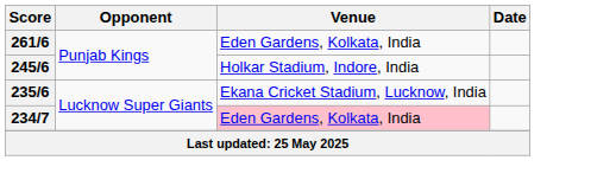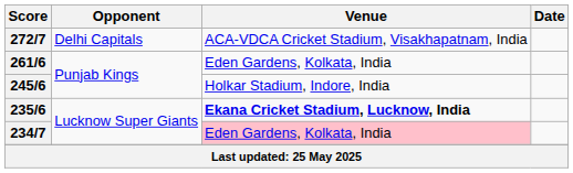 <table class="wikitable" style="text-align:left;font-size:96%;">
 <tr>
 <th><strong>Score</strong></th>
 <th><strong>Opponent</strong></th>
 <th><strong>Venue</strong></th>
 <th><strong>Date</strong></th>
+</tr>
+<tr>
+<th>272/7</th>
+<td><a href='#'>Delhi Capitals</a></td>
+<td><a href='#'>ACA-VDCA Cricket Stadium</a>, <a href='#'>Visakhapatnam</a>, India</td>
+<td></td>
 </tr>
 <tr>
 <th>261/6</th>
 <td rowspan=2><a href='#'>Punjab Kings</a></td>
 <td><a href='#'>Eden Gardens</a>, <a href='#'>Kolkata</a>, India</td>
 <td></td>
 </tr>
 <tr>
 <th>245/6</th>
 <td><a href='#'>Holkar Stadium</a>, <a href='#'>Indore</a>, India</td>
 <td></td>
 </tr>
 <tr>
 <th>235/6</th>
 <td rowspan=2><a href='#'>Lucknow Super Giants</a></td>
-<td><a href='#'>Ekana Cricket Stadium</a>, <a href='#'>Lucknow</a>, India</td>
+<td><strong><a href='#'>Ekana Cricket Stadium</a>, <a href='#'>Lucknow</a>, India</strong></td>
 <td></td>
 </tr>
 <tr>
 <th>234/7</th>
 <td style="background: pink;"><a href='#'>Eden Gardens</a>, <a href='#'>Kolkata</a>, India</td>
 <td></td>
 </tr>
 <tr>
 </tr>
 <tr class="sortbottom">
 <th colspan="4"><small>Last updated: 25 May 2025</small></th>
 </tr>
 </table>
